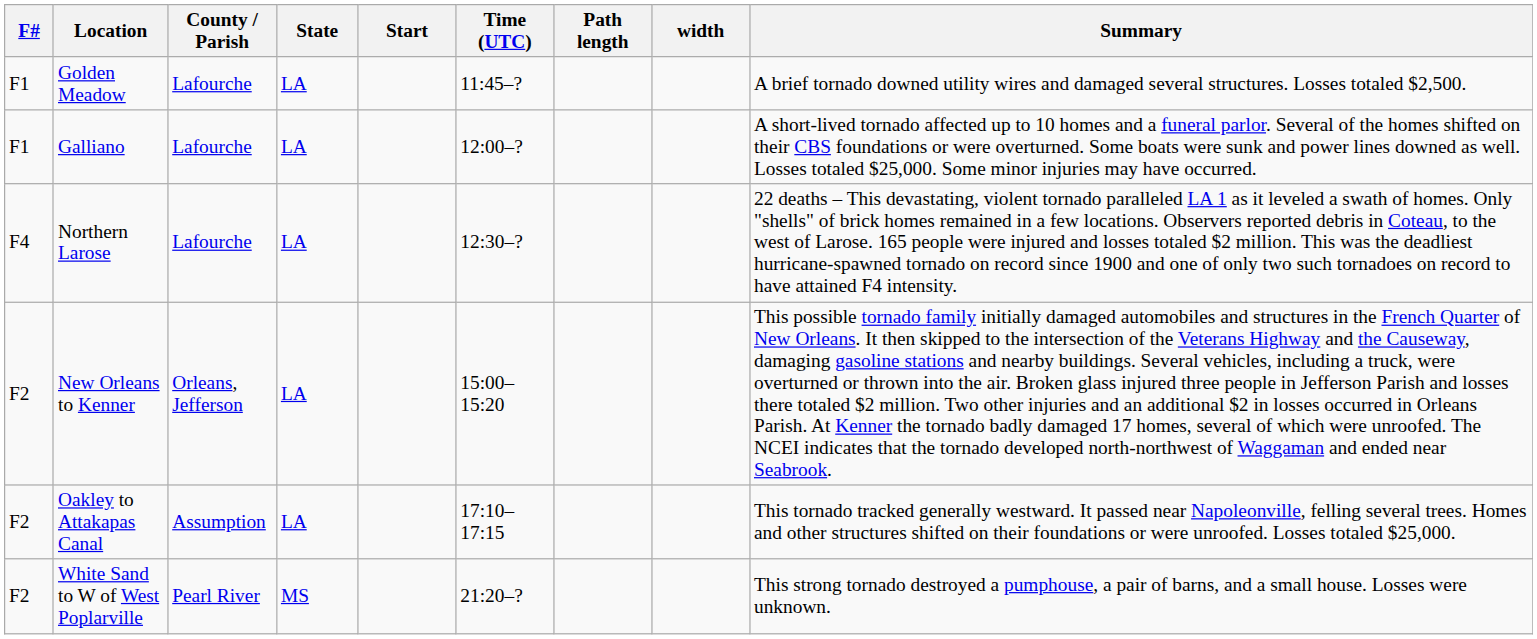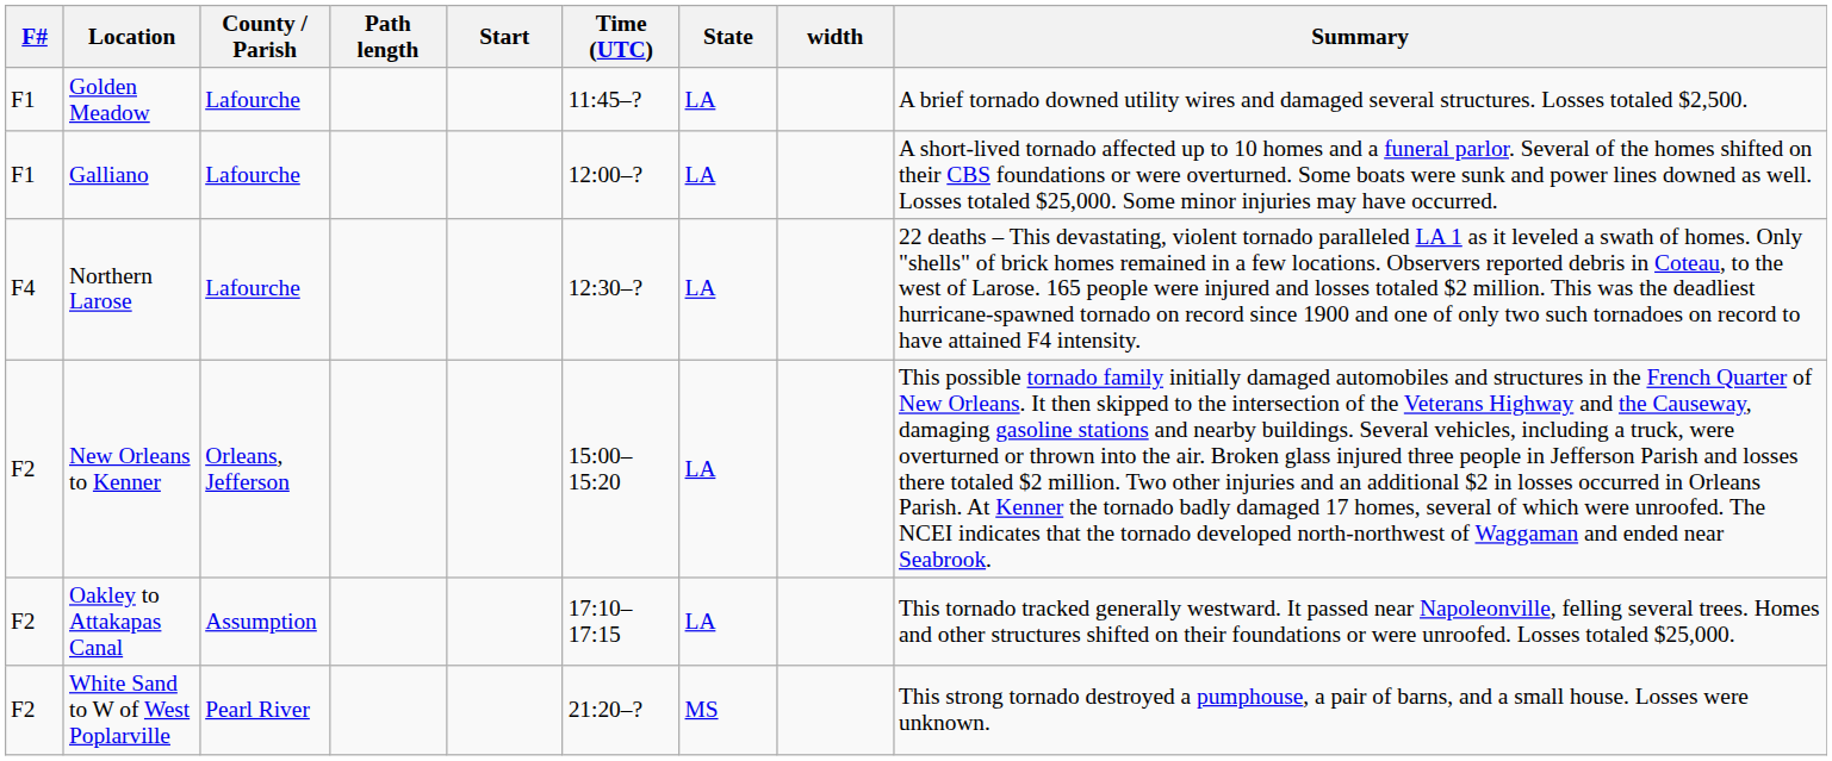 <table class="wikitable sortable" style="width:100%;">
 <tr>
 <th scope="col"  style="width:3%; text-align:center;"><a href='#'>F#</a></th>
 <th scope="col"  style="width:7%; text-align:center;" class="unsortable">Location</th>
 <th scope="col"  style="width:6%; text-align:center;" class="unsortable">County / Parish</th>
-<th scope="col"  style="width:5%; text-align:center;">State</th>
+<th scope="col"  style="width:6%; text-align:center;">Path length</th>
 <th scope="col"  style="width:6%; text-align:center;">Start<br></th>
 <th scope="col"  style="width:6%; text-align:center;">Time (<a href='#'>UTC</a>)</th>
-<th scope="col"  style="width:6%; text-align:center;">Path length</th>
+<th scope="col"  style="width:5%; text-align:center;">State</th>
 <th scope="col"  style="width:6%; text-align:center;"> width</th>
 <th scope="col" class="unsortable" style="width:48%; text-align:center;">Summary</th>
 </tr>
 <tr>
 <td>F1</td>
 <td><a href='#'>Golden Meadow</a></td>
 <td><a href='#'>Lafourche</a></td>
-<td><a href='#'>LA</a></td>
+<td></td>
 <td></td>
 <td>11:45–?</td>
-<td></td>
+<td><a href='#'>LA</a></td>
 <td></td>
 <td>A brief tornado downed utility wires and damaged several structures. Losses totaled $2,500.</td>
 </tr>
 <tr>
 <td>F1</td>
 <td><a href='#'>Galliano</a></td>
 <td><a href='#'>Lafourche</a></td>
-<td><a href='#'>LA</a></td>
+<td></td>
 <td></td>
 <td>12:00–?</td>
-<td></td>
+<td><a href='#'>LA</a></td>
 <td></td>
 <td>A short-lived tornado affected up to 10 homes and a <a href='#'>funeral parlor</a>. Several of the homes shifted on their <a href='#'>CBS</a> foundations or were overturned. Some boats were sunk and power lines downed as well. Losses totaled $25,000. Some minor injuries may have occurred.</td>
 </tr>
 <tr>
 <td>F4</td>
 <td>Northern <a href='#'>Larose</a></td>
 <td><a href='#'>Lafourche</a></td>
-<td><a href='#'>LA</a></td>
+<td></td>
 <td></td>
 <td>12:30–?</td>
-<td></td>
+<td><a href='#'>LA</a></td>
 <td></td>
 <td>22 deaths – This devastating, violent tornado paralleled <a href='#'>LA 1</a> as it leveled a  swath of homes. Only "shells" of brick homes remained in a few locations. Observers reported debris in <a href='#'>Coteau</a>,  to the west of Larose. 165 people were injured and losses totaled $2 million. This was the deadliest hurricane-spawned tornado on record since 1900 and one of only two such tornadoes on record to have attained F4 intensity.</td>
 </tr>
 <tr>
 <td>F2</td>
 <td><a href='#'>New Orleans</a> to <a href='#'>Kenner</a></td>
 <td><a href='#'>Orleans</a>, <a href='#'>Jefferson</a></td>
-<td><a href='#'>LA</a></td>
+<td></td>
 <td></td>
 <td>15:00–15:20</td>
-<td></td>
+<td><a href='#'>LA</a></td>
 <td></td>
 <td>This possible <a href='#'>tornado family</a> initially damaged automobiles and structures in the <a href='#'>French Quarter</a> of <a href='#'>New Orleans</a>. It then skipped to the intersection of the <a href='#'>Veterans Highway</a> and <a href='#'>the Causeway</a>, damaging <a href='#'>gasoline stations</a> and nearby buildings. Several vehicles, including a truck, were overturned or thrown into the air. Broken glass injured three people in Jefferson Parish and losses there totaled $2 million. Two other injuries and an additional $2 in losses occurred in Orleans Parish. At <a href='#'>Kenner</a> the tornado badly damaged 17 homes, several of which were unroofed. The NCEI indicates that the tornado developed north-northwest of <a href='#'>Waggaman</a> and ended near <a href='#'>Seabrook</a>.</td>
 </tr>
 <tr>
 <td>F2</td>
 <td><a href='#'>Oakley</a> to <a href='#'>Attakapas Canal</a></td>
 <td><a href='#'>Assumption</a></td>
-<td><a href='#'>LA</a></td>
+<td></td>
 <td></td>
 <td>17:10–17:15</td>
-<td></td>
+<td><a href='#'>LA</a></td>
 <td></td>
 <td>This tornado tracked generally westward. It passed near <a href='#'>Napoleonville</a>, felling several trees. Homes and other structures shifted on their foundations or were unroofed. Losses totaled $25,000.</td>
 </tr>
 <tr>
 <td>F2</td>
 <td><a href='#'>White Sand</a> to W of <a href='#'>West Poplarville</a></td>
 <td><a href='#'>Pearl River</a></td>
-<td><a href='#'>MS</a></td>
+<td></td>
 <td></td>
 <td>21:20–?</td>
-<td></td>
+<td><a href='#'>MS</a></td>
 <td></td>
 <td>This strong tornado destroyed a <a href='#'>pumphouse</a>, a pair of barns, and a small house. Losses were unknown.</td>
 </tr>
 </table>
